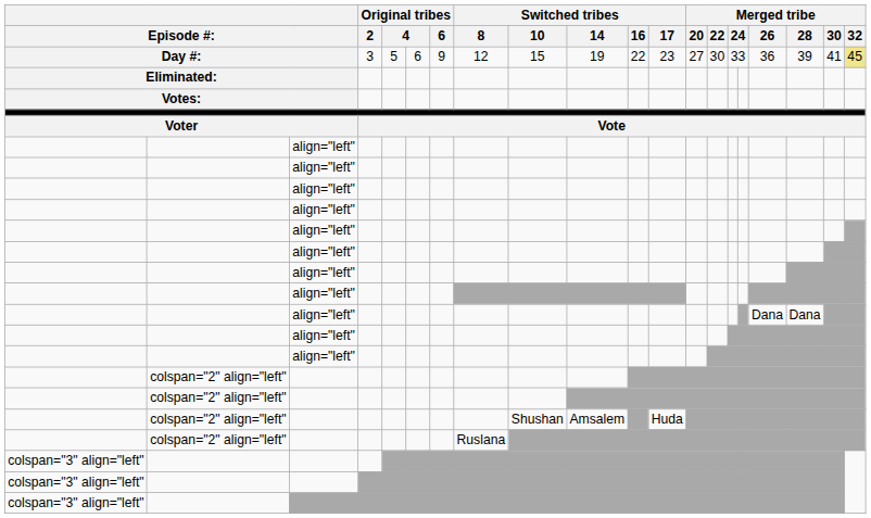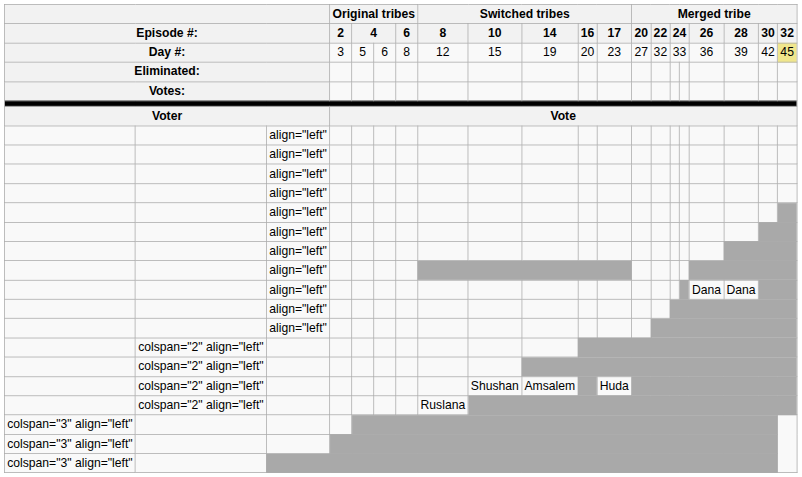 <table class="wikitable nowrap" style="text-align:center">
 <tr>
 <th colspan="3"></th>
 <th colspan="4">Original tribes</th>
 <th colspan="5">Switched tribes</th>
 <th colspan="8">Merged tribe</th>
 </tr>
 <tr>
 <th colspan="3">Episode #:</th>
 <th>2</th>
 <th colspan="2">4</th>
 <th>6</th>
 <th>8</th>
 <th>10</th>
 <th>14</th>
 <th>16</th>
 <th>17</th>
 <th>20</th>
 <th>22</th>
 <th colspan="2">24</th>
 <th>26</th>
 <th>28</th>
 <th>30</th>
 <th>32</th>
 </tr>
 <tr>
 <th colspan="3">Day #:</th>
 <td>3</td>
 <td>5</td>
 <td>6</td>
-<td>9</td>
+<td>8</td>
 <td>12</td>
 <td>15</td>
 <td>19</td>
-<td>22</td>
+<td>20</td>
 <td>23</td>
 <td>27</td>
-<td>30</td>
+<td>32</td>
 <td colspan="2">33</td>
 <td>36</td>
 <td>39</td>
-<td>41</td>
+<td>42</td>
 <td style="background: khaki;">45</td>
 </tr>
 <tr>
 <th colspan="3">Eliminated:</th>
 <td></td>
 <td></td>
 <td></td>
 <td></td>
 <td></td>
 <td></td>
 <td></td>
 <td></td>
 <td></td>
 <td></td>
 <td></td>
 <td></td>
 <td></td>
 <td></td>
 <td></td>
 <td></td>
 <td></td>
 </tr>
 <tr>
 <th colspan="3">Votes:</th>
 <td></td>
 <td></td>
 <td></td>
 <td></td>
 <td></td>
 <td></td>
 <td></td>
 <td></td>
 <td></td>
 <td></td>
 <td></td>
 <td></td>
 <td></td>
 <td></td>
 <td></td>
 <td></td>
 <td></td>
 </tr>
 <tr>
 <td bgcolor=black colspan=21></td>
 </tr>
 <tr>
 <th colspan="3">Voter</th>
 <th colspan="18">Vote</th>
 </tr>
 <tr>
 <td></td>
 <td></td>
 <td>align="left" </td>
 <td></td>
 <td></td>
 <td></td>
 <td></td>
 <td></td>
 <td></td>
 <td></td>
 <td></td>
 <td></td>
 <td></td>
 <td></td>
 <td></td>
 <td></td>
 <td></td>
 <td></td>
 <td></td>
 <td></td>
 </tr>
 <tr>
 <td></td>
 <td></td>
 <td>align="left" </td>
 <td></td>
 <td></td>
 <td></td>
 <td></td>
 <td></td>
 <td></td>
 <td></td>
 <td></td>
 <td></td>
 <td></td>
 <td></td>
 <td></td>
 <td></td>
 <td></td>
 <td></td>
 <td></td>
 <td></td>
 </tr>
 <tr>
 <td></td>
 <td></td>
 <td>align="left" </td>
 <td></td>
 <td></td>
 <td></td>
 <td></td>
 <td></td>
 <td></td>
 <td></td>
 <td></td>
 <td></td>
 <td></td>
 <td></td>
 <td></td>
 <td></td>
 <td></td>
 <td></td>
 <td></td>
 <td></td>
 </tr>
 <tr>
 <td></td>
 <td></td>
 <td>align="left" </td>
 <td></td>
 <td></td>
 <td></td>
 <td></td>
 <td></td>
 <td></td>
 <td></td>
 <td></td>
 <td></td>
 <td></td>
 <td></td>
 <td></td>
 <td></td>
 <td></td>
 <td></td>
 <td></td>
 <td></td>
 </tr>
 <tr>
 <td></td>
 <td></td>
 <td>align="left" </td>
 <td></td>
 <td></td>
 <td></td>
 <td></td>
 <td></td>
 <td></td>
 <td></td>
 <td></td>
 <td></td>
 <td></td>
 <td></td>
 <td></td>
 <td></td>
 <td></td>
 <td></td>
 <td></td>
 <td colspan="2" bgcolor="darkgray"></td>
 </tr>
 <tr>
 <td></td>
 <td></td>
 <td>align="left" </td>
 <td></td>
 <td></td>
 <td></td>
 <td></td>
 <td></td>
 <td></td>
 <td></td>
 <td></td>
 <td></td>
 <td></td>
 <td></td>
 <td></td>
 <td></td>
 <td></td>
 <td></td>
 <td colspan="3" bgcolor="darkgray"></td>
 </tr>
 <tr>
 <td></td>
 <td></td>
 <td>align="left" </td>
 <td></td>
 <td></td>
 <td></td>
 <td></td>
 <td></td>
 <td></td>
 <td></td>
 <td></td>
 <td></td>
 <td></td>
 <td></td>
 <td></td>
 <td></td>
 <td></td>
 <td colspan="4" bgcolor="darkgray"></td>
 </tr>
 <tr>
 <td></td>
 <td></td>
 <td>align="left" </td>
 <td></td>
 <td></td>
 <td></td>
 <td></td>
 <td colspan="5" bgcolor="darkgray"></td>
 <td></td>
 <td></td>
 <td></td>
 <td></td>
 <td colspan="5" bgcolor="darkgray"></td>
 </tr>
 <tr>
 <td></td>
 <td></td>
 <td>align="left" </td>
 <td></td>
 <td></td>
 <td></td>
 <td></td>
 <td></td>
 <td></td>
 <td></td>
 <td></td>
 <td></td>
 <td></td>
 <td></td>
 <td></td>
 <td bgcolor="darkgray"></td>
 <td><span>Dana</span></td>
 <td><span>Dana</span></td>
 <td colspan="3" bgcolor="darkgray"></td>
 </tr>
 <tr>
 <td></td>
 <td></td>
 <td>align="left" </td>
 <td></td>
 <td></td>
 <td></td>
 <td></td>
 <td></td>
 <td></td>
 <td></td>
 <td></td>
 <td></td>
 <td></td>
 <td></td>
 <td colspan="7" bgcolor="darkgray"></td>
 </tr>
 <tr>
 <td></td>
 <td></td>
 <td>align="left" </td>
 <td></td>
 <td></td>
 <td></td>
 <td></td>
 <td></td>
 <td></td>
 <td></td>
 <td></td>
 <td></td>
 <td></td>
 <td colspan="8" bgcolor="darkgray"></td>
 </tr>
 <tr>
 <td></td>
 <td>colspan="2" align="left" </td>
 <td></td>
 <td></td>
 <td></td>
 <td></td>
 <td></td>
 <td></td>
 <td></td>
 <td></td>
 <td colspan="10" bgcolor="darkgray"></td>
 </tr>
 <tr>
 <td></td>
 <td>colspan="2" align="left" </td>
 <td></td>
 <td></td>
 <td></td>
 <td></td>
 <td></td>
 <td></td>
 <td></td>
 <td colspan="11" bgcolor="darkgray"></td>
 </tr>
 <tr>
 <td></td>
 <td>colspan="2" align="left" </td>
 <td></td>
 <td></td>
 <td></td>
 <td></td>
 <td></td>
 <td></td>
 <td><span>Shushan</span></td>
 <td><span>Amsalem</span></td>
 <td bgcolor="darkgray"></td>
 <td><span>Huda</span></td>
 <td colspan="8" bgcolor="darkgray"></td>
 </tr>
 <tr>
 <td></td>
 <td>colspan="2" align="left" </td>
 <td></td>
 <td></td>
 <td></td>
 <td></td>
 <td></td>
 <td><span>Ruslana</span></td>
 <td colspan="12" bgcolor="darkgray"></td>
 </tr>
 <tr>
 <td>colspan="3" align="left" </td>
 <td></td>
 <td></td>
 <td></td>
 <td colspan="15" bgcolor="darkgray"></td>
 </tr>
 <tr>
 <td>colspan="3" align="left" </td>
 <td></td>
 <td></td>
 <td colspan="16" bgcolor="darkgray"></td>
 </tr>
 <tr>
 <td>colspan="3" align="left" </td>
 <td></td>
 <td colspan="17" bgcolor="darkgray"></td>
 </tr>
 </table>
